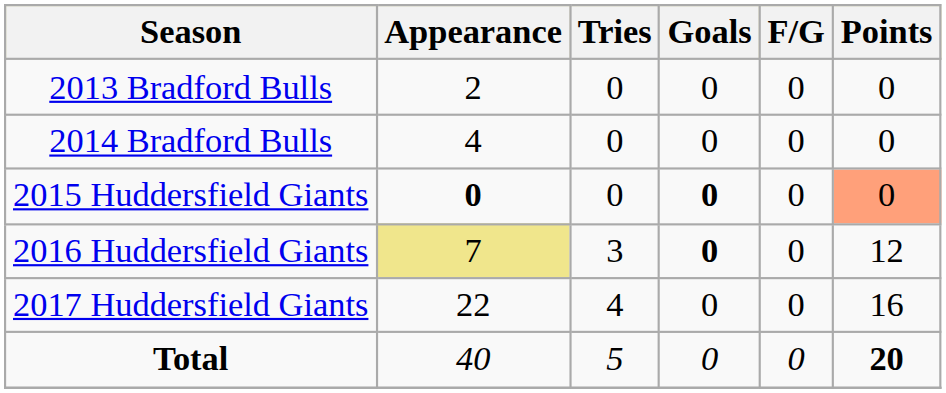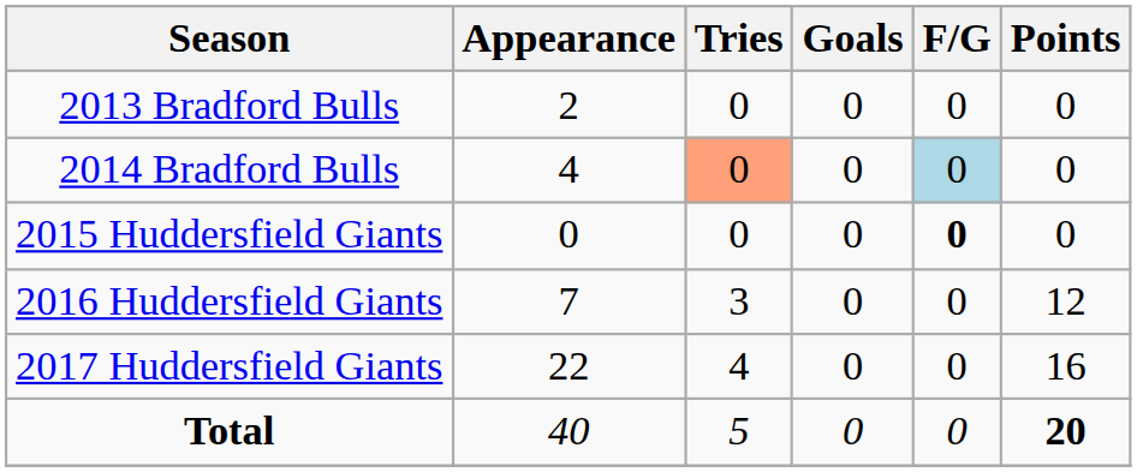 <table class="wikitable" style="text-align:center;">
 <tr bgcolor=#bdb76b>
 <th>Season</th>
 <th>Appearance</th>
 <th>Tries</th>
 <th>Goals</th>
 <th>F/G</th>
 <th>Points</th>
 </tr>
 <tr>
 <td><a href='#'>2013 Bradford Bulls</a></td>
 <td>2</td>
 <td>0</td>
 <td>0</td>
 <td>0</td>
 <td>0</td>
 </tr>
 <tr>
 <td><a href='#'>2014 Bradford Bulls</a></td>
 <td>4</td>
+<td style="background: lightsalmon;">0</td>
 <td>0</td>
-<td>0</td>
-<td>0</td>
+<td style="background: lightblue;">0</td>
 <td>0</td>
 </tr>
 <tr>
 <td><a href='#'>2015 Huddersfield Giants</a></td>
-<td><strong>0</strong></td>
+<td>0</td>
+<td>0</td>
 <td>0</td>
 <td><strong>0</strong></td>
 <td>0</td>
-<td style="background: lightsalmon;">0</td>
 </tr>
 <tr>
 <td><a href='#'>2016 Huddersfield Giants</a></td>
-<td style="background: khaki;">7</td>
+<td>7</td>
 <td>3</td>
-<td><strong>0</strong></td>
+<td>0</td>
 <td>0</td>
 <td>12</td>
 </tr>
 <tr>
 <td><a href='#'>2017 Huddersfield Giants</a></td>
 <td>22</td>
 <td>4</td>
 <td>0</td>
 <td>0</td>
 <td>16</td>
 </tr>
 <tr>
 <td><strong>Total</strong></td>
 <td><em>40</em></td>
 <td><em>5</em></td>
 <td><em>0</em></td>
 <td><em>0</em></td>
 <td><strong>20</strong></td>
 </tr>
 <tr>
 </tr>
 </table>
